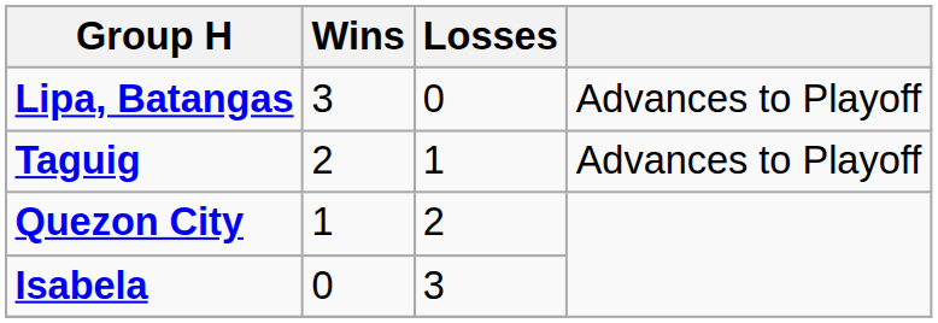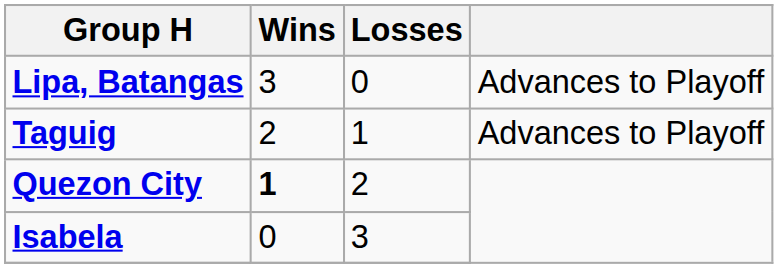 <table class="wikitable">
 <tr align=center>
 <th>Group H</th>
 <th>Wins</th>
 <th>Losses</th>
 <th></th>
 </tr>
 <tr>
 <td><strong><a href='#'>Lipa, Batangas</a></strong></td>
 <td>3</td>
 <td>0</td>
 <td>Advances to Playoff</td>
 </tr>
 <tr>
 <td><strong><a href='#'>Taguig</a></strong></td>
 <td>2</td>
 <td>1</td>
 <td>Advances to Playoff</td>
 </tr>
 <tr>
 <td><strong><a href='#'>Quezon City</a></strong></td>
-<td>1</td>
+<td><strong>1</strong></td>
 <td>2</td>
 </tr>
 <tr>
 <td><strong><a href='#'>Isabela</a></strong></td>
 <td>0</td>
 <td>3</td>
 </tr>
 <tr>
 </tr>
 </table>
